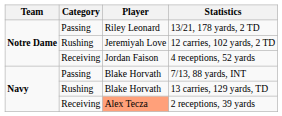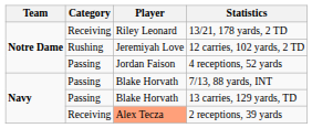 <table class="wikitable" style="float: right;">
 <tr>
 <th>Team</th>
 <th>Category</th>
 <th>Player</th>
 <th>Statistics</th>
 </tr>
 <tr>
 <td rowspan=3><strong>Notre Dame</strong></td>
-<td>Passing</td>
+<td>Receiving</td>
 <td>Riley Leonard</td>
 <td>13/21, 178 yards, 2 TD</td>
 </tr>
 <tr>
 <td>Rushing</td>
 <td>Jeremiyah Love</td>
 <td>12 carries, 102 yards, 2 TD</td>
 </tr>
 <tr>
-<td>Receiving</td>
+<td>Passing</td>
 <td>Jordan Faison</td>
 <td>4 receptions, 52 yards</td>
 </tr>
 <tr>
 <td rowspan=3><strong>Navy</strong></td>
 <td>Passing</td>
 <td>Blake Horvath</td>
 <td>7/13, 88 yards, INT</td>
 </tr>
 <tr>
-<td>Rushing</td>
+<td>Passing</td>
 <td>Blake Horvath</td>
 <td>13 carries, 129 yards, TD</td>
 </tr>
 <tr>
 <td>Receiving</td>
 <td style="background: lightsalmon;">Alex Tecza</td>
 <td>2 receptions, 39 yards</td>
 </tr>
 </table>
